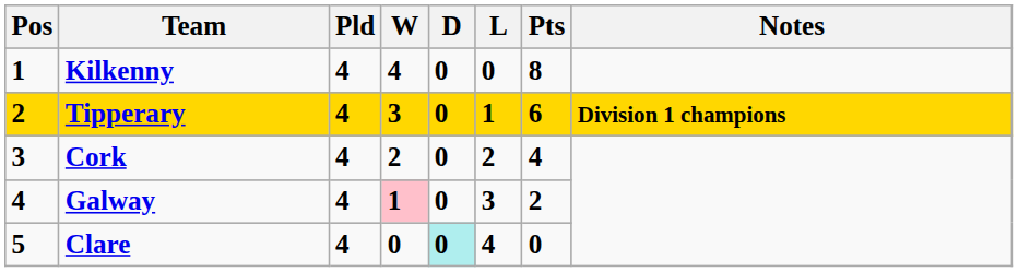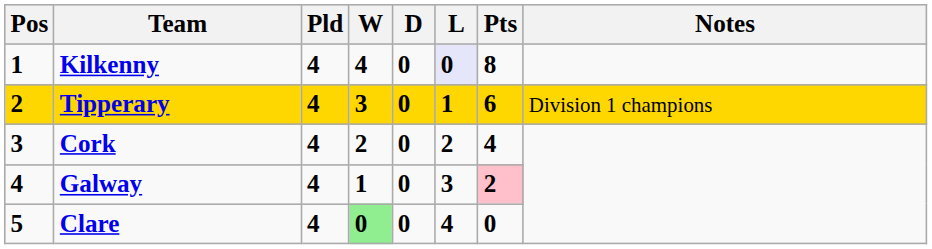 <table class="wikitable" style="text-align: centre;">
 <tr>
 <th width=20>Pos</th>
 <th width=150>Team</th>
 <th width=20>Pld</th>
 <th width=20>W</th>
 <th width=20>D</th>
 <th width=20>L</th>
 <th width=20>Pts</th>
 <th width=250>Notes</th>
 </tr>
 <tr style>
 <td><strong>1</strong></td>
 <td align=left><strong> <a href='#'>Kilkenny</a> </strong></td>
 <td><strong>4</strong></td>
 <td><strong>4</strong></td>
 <td><strong>0</strong></td>
-<td><strong>0</strong></td>
+<td style="background: lavender;"><strong>0</strong></td>
 <td><strong>8</strong></td>
 </tr>
 <tr style="background:gold;">
 <td><strong>2</strong></td>
 <td align=left><strong> <a href='#'>Tipperary</a> </strong></td>
 <td><strong>4</strong></td>
 <td><strong>3</strong></td>
 <td><strong>0</strong></td>
 <td><strong>1</strong></td>
 <td><strong>6</strong></td>
-<td><strong><small> Division 1 champions</small></strong></td>
+<td><small> Division 1 champions</small></td>
 </tr>
 <tr>
 <td><strong>3</strong></td>
 <td align=left><strong> <a href='#'>Cork</a> </strong></td>
 <td><strong>4</strong></td>
 <td><strong>2</strong></td>
 <td><strong>0</strong></td>
 <td><strong>2</strong></td>
 <td><strong>4</strong></td>
 </tr>
 <tr style>
 <td><strong>4</strong></td>
 <td align=left><strong> <a href='#'>Galway</a> </strong></td>
 <td><strong>4</strong></td>
-<td style="background: pink;"><strong>1</strong></td>
+<td><strong>1</strong></td>
 <td><strong>0</strong></td>
 <td><strong>3</strong></td>
-<td><strong>2</strong></td>
+<td style="background: pink;"><strong>2</strong></td>
 </tr>
 <tr>
 <td><strong>5</strong></td>
 <td align=left><strong> <a href='#'>Clare</a> </strong></td>
 <td><strong>4</strong></td>
+<td style="background: lightgreen;"><strong>0</strong></td>
 <td><strong>0</strong></td>
-<td style="background: paleturquoise;"><strong>0</strong></td>
 <td><strong>4</strong></td>
 <td><strong>0</strong></td>
 </tr>
 </table>
